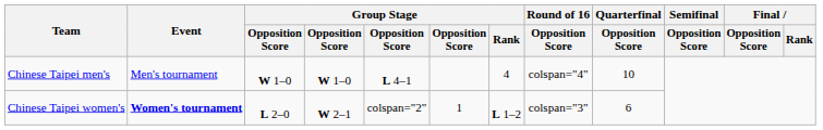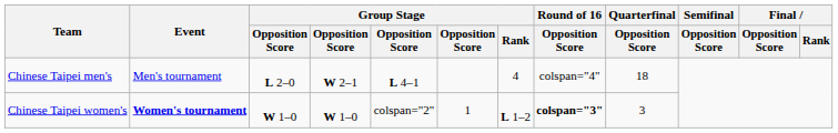 <table class="wikitable" style="font-size:90%; text-align:center">
 <tr>
 <th rowspan="2">Team</th>
 <th rowspan="2">Event</th>
 <th colspan="5">Group Stage</th>
 <th>Round of 16</th>
 <th>Quarterfinal</th>
 <th>Semifinal</th>
 <th colspan=2>Final / </th>
 </tr>
 <tr style=font-size:95%>
 <th>Opposition <br> Score</th>
 <th>Opposition <br> Score</th>
 <th>Opposition <br> Score</th>
 <th>Opposition <br> Score</th>
 <th>Rank</th>
 <th>Opposition <br> Score</th>
 <th>Opposition <br> Score</th>
 <th>Opposition <br> Score</th>
 <th>Opposition <br> Score</th>
 <th>Rank</th>
 </tr>
 <tr>
 <td align="left"><a href='#'>Chinese Taipei men's</a></td>
 <td align="left"><a href='#'>Men's tournament</a></td>
-<td> <br> <strong>W</strong> 1–0</td>
-<td> <br> <strong>W</strong> 1–0</td>
+<td> <br> <strong>L</strong> 2–0</td>
+<td> <br> <strong>W</strong> 2–1</td>
 <td> <br> <strong>L</strong> 4–1</td>
 <td></td>
 <td>4</td>
 <td>colspan="4" </td>
-<td>10</td>
+<td>18</td>
 </tr>
 <tr>
 <td align="left"><a href='#'>Chinese Taipei women's</a></td>
 <td align="left"><strong><a href='#'>Women's tournament</a></strong></td>
-<td> <br> <strong>L</strong> 2–0</td>
-<td> <br> <strong>W</strong> 2–1</td>
+<td> <br> <strong>W</strong> 1–0</td>
+<td> <br> <strong>W</strong> 1–0</td>
 <td>colspan="2" </td>
 <td>1</td>
 <td> <br> <strong>L</strong> 1–2</td>
-<td>colspan="3" </td>
-<td>6</td>
+<td><strong>colspan="3" </strong></td>
+<td>3</td>
 </tr>
 </table>
